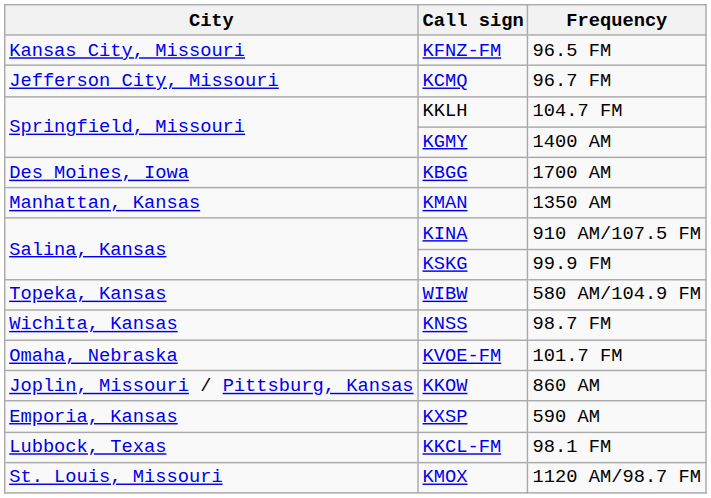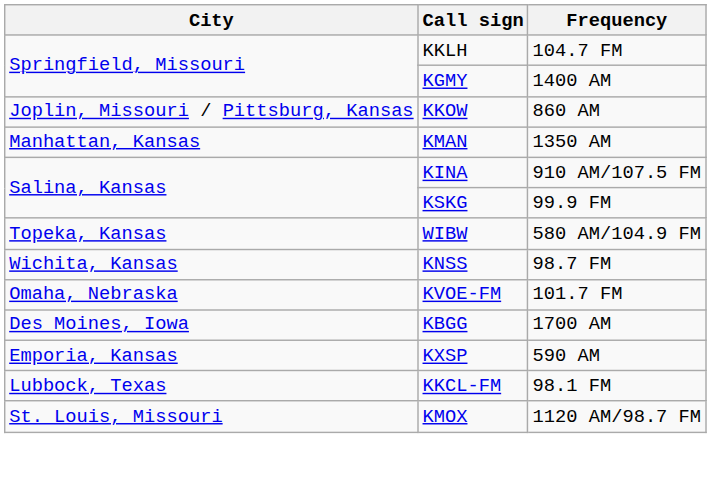 <table class="wikitable">
 <tr>
 <th>City</th>
 <th>Call sign</th>
 <th>Frequency</th>
-</tr>
-<tr>
-<td><a href='#'>Kansas City, Missouri</a></td>
-<td><a href='#'>KFNZ-FM</a></td>
-<td>96.5 FM</td>
-</tr>
-<tr>
-<td><a href='#'>Jefferson City, Missouri</a></td>
-<td><a href='#'>KCMQ</a></td>
-<td>96.7 FM</td>
 </tr>
 <tr>
 <td rowspan=2><a href='#'>Springfield, Missouri</a></td>
 <td>KKLH</td>
 <td>104.7 FM</td>
 </tr>
 <tr>
 <td><a href='#'>KGMY</a></td>
 <td>1400 AM</td>
 </tr>
 <tr>
-<td><a href='#'>Des Moines, Iowa</a></td>
-<td><a href='#'>KBGG</a></td>
-<td>1700 AM</td>
+<td><a href='#'>Joplin, Missouri</a> / <a href='#'>Pittsburg, Kansas</a></td>
+<td><a href='#'>KKOW</a></td>
+<td>860 AM</td>
 </tr>
 <tr>
 <td><a href='#'>Manhattan, Kansas</a></td>
 <td><a href='#'>KMAN</a></td>
 <td>1350 AM</td>
 </tr>
 <tr>
 <td rowspan=2><a href='#'>Salina, Kansas</a></td>
 <td><a href='#'>KINA</a></td>
 <td>910 AM/107.5 FM</td>
 </tr>
 <tr>
 <td><a href='#'>KSKG</a></td>
 <td>99.9 FM</td>
 </tr>
 <tr>
 <td><a href='#'>Topeka, Kansas</a></td>
 <td><a href='#'>WIBW</a></td>
 <td>580 AM/104.9 FM</td>
 </tr>
 <tr>
 <td><a href='#'>Wichita, Kansas</a></td>
 <td><a href='#'>KNSS</a></td>
 <td>98.7 FM</td>
 </tr>
 <tr>
 <td><a href='#'>Omaha, Nebraska</a></td>
 <td><a href='#'>KVOE-FM</a></td>
 <td>101.7 FM</td>
 </tr>
 <tr>
-<td><a href='#'>Joplin, Missouri</a> / <a href='#'>Pittsburg, Kansas</a></td>
-<td><a href='#'>KKOW</a></td>
-<td>860 AM</td>
+<td><a href='#'>Des Moines, Iowa</a></td>
+<td><a href='#'>KBGG</a></td>
+<td>1700 AM</td>
 </tr>
 <tr>
 <td><a href='#'>Emporia, Kansas</a></td>
 <td><a href='#'>KXSP</a></td>
 <td>590 AM</td>
 </tr>
 <tr>
 <td><a href='#'>Lubbock, Texas</a></td>
 <td><a href='#'>KKCL-FM</a></td>
 <td>98.1 FM</td>
 </tr>
 <tr>
 <td><a href='#'>St. Louis, Missouri</a></td>
 <td><a href='#'>KMOX</a></td>
 <td>1120 AM/98.7 FM</td>
 </tr>
 </table>
